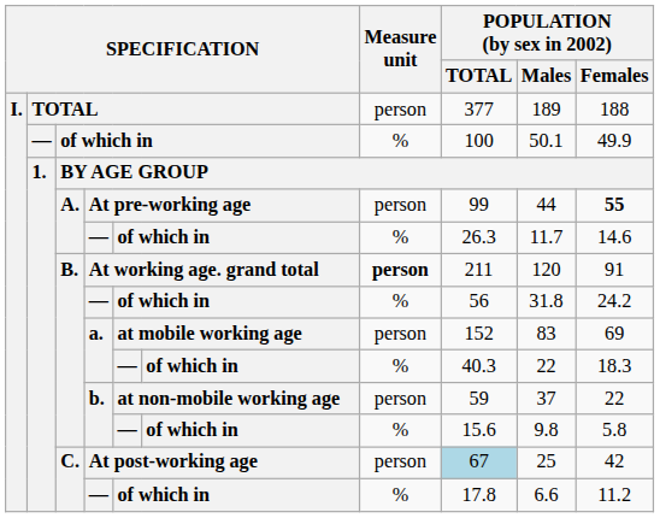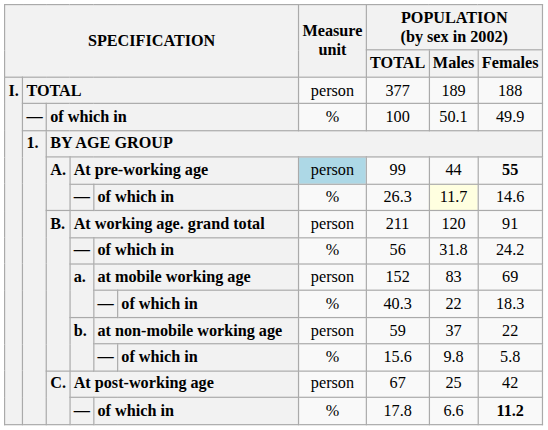 <table class="wikitable" style="font-size:85%; text-align:center">
 <tr>
 <th rowspan="2" colspan="6">SPECIFICATION</th>
 <th rowspan="2">Measure<br> unit</th>
 <th colspan="3" rowspan="1">POPULATION<br> (by sex in 2002)</th>
 </tr>
 <tr>
 <th>TOTAL</th>
 <th>Males</th>
 <th>Females</th>
 </tr>
 <tr>
 <th style="text-align:left" valign="top" rowspan="13">I.</th>
 <th style="text-align:left" colspan="5">TOTAL</th>
 <td>person</td>
 <td>377</td>
 <td>189</td>
 <td>188</td>
 </tr>
 <tr>
 <th style="text-align:left" valign="top">—</th>
 <th style="text-align:left" colspan="4">of which in</th>
 <td>%</td>
 <td>100</td>
 <td>50.1</td>
 <td>49.9</td>
 </tr>
 <tr>
 <th style="text-align:left" valign="top" rowspan="11">1.</th>
 <th style="text-align:left" colspan="19">BY AGE GROUP</th>
 </tr>
 <tr>
 <th style="text-align:left" valign="top" rowspan="2">A.</th>
 <th style="text-align:left" colspan="3">At pre-working age</th>
-<td>person</td>
+<td style="background: lightblue;">person</td>
 <td>99</td>
 <td>44</td>
 <td><strong>55</strong></td>
 </tr>
 <tr>
 <th style="text-align:left" valign="top">—</th>
 <th style="text-align:left" valign="top" colspan="2">of which in</th>
 <td>%</td>
 <td>26.3</td>
-<td>11.7</td>
+<td style="background: lightyellow;">11.7</td>
 <td>14.6</td>
 </tr>
 <tr>
 <th style="text-align:left" valign="top" rowspan="6">B.</th>
 <th style="text-align:left" colspan="3">At working age. grand total</th>
-<td><strong>person</strong></td>
+<td>person</td>
 <td>211</td>
 <td>120</td>
 <td>91</td>
 </tr>
 <tr>
 <th style="text-align:left" valign="top">—</th>
 <th style="text-align:left" valign="top" colspan="2">of which in</th>
 <td>%</td>
 <td>56</td>
 <td>31.8</td>
 <td>24.2</td>
 </tr>
 <tr>
 <th style="text-align:left" valign="top" rowspan="2">a.</th>
 <th style="text-align:left" colspan="2">at mobile working age</th>
 <td>person</td>
 <td>152</td>
 <td>83</td>
 <td>69</td>
 </tr>
 <tr>
 <th style="text-align:left" valign="top">—</th>
 <th style="text-align:left" valign="top" colspan="1">of which in                        </th>
 <td>%</td>
 <td>40.3</td>
 <td>22</td>
 <td>18.3</td>
 </tr>
 <tr>
 <th style="text-align:left" valign="top" rowspan="2">b.</th>
 <th style="text-align:left" colspan="2">at non-mobile working age</th>
 <td>person</td>
 <td>59</td>
 <td>37</td>
 <td>22</td>
 </tr>
 <tr>
 <th style="text-align:left" valign="top">—</th>
 <th style="text-align:left" valign="top" colspan="1">of which in                        </th>
 <td>%</td>
 <td>15.6</td>
 <td>9.8</td>
 <td>5.8</td>
 </tr>
 <tr>
 <th style="text-align:left" valign="top" rowspan="2">C.</th>
 <th style="text-align:left" colspan="3">At post-working age</th>
 <td>person</td>
-<td style="background: lightblue;">67</td>
+<td>67</td>
 <td>25</td>
 <td>42</td>
 </tr>
 <tr>
 <th style="text-align:left" valign="top">—</th>
 <th style="text-align:left" valign="top" colspan="2">of which in</th>
 <td>%</td>
 <td>17.8</td>
 <td>6.6</td>
-<td>11.2</td>
+<td><strong>11.2</strong></td>
 </tr>
 </table>
